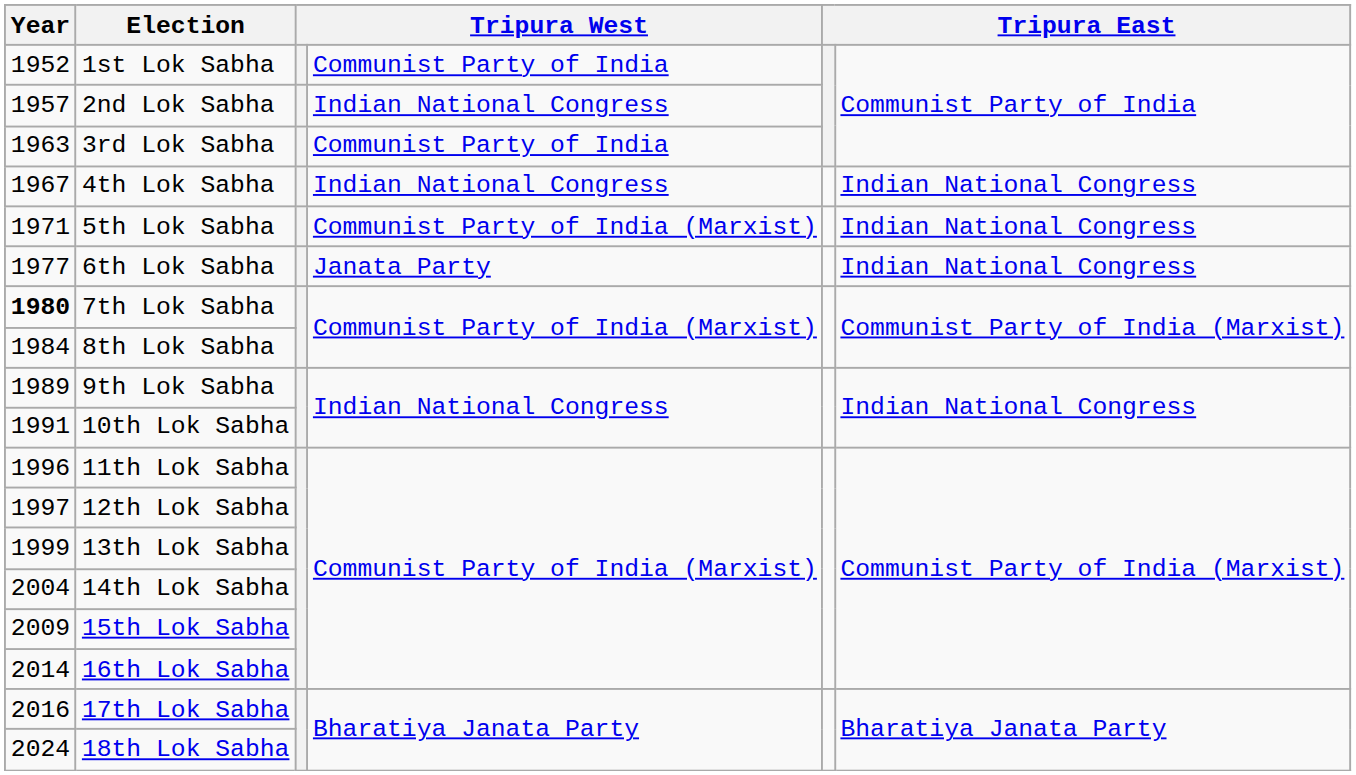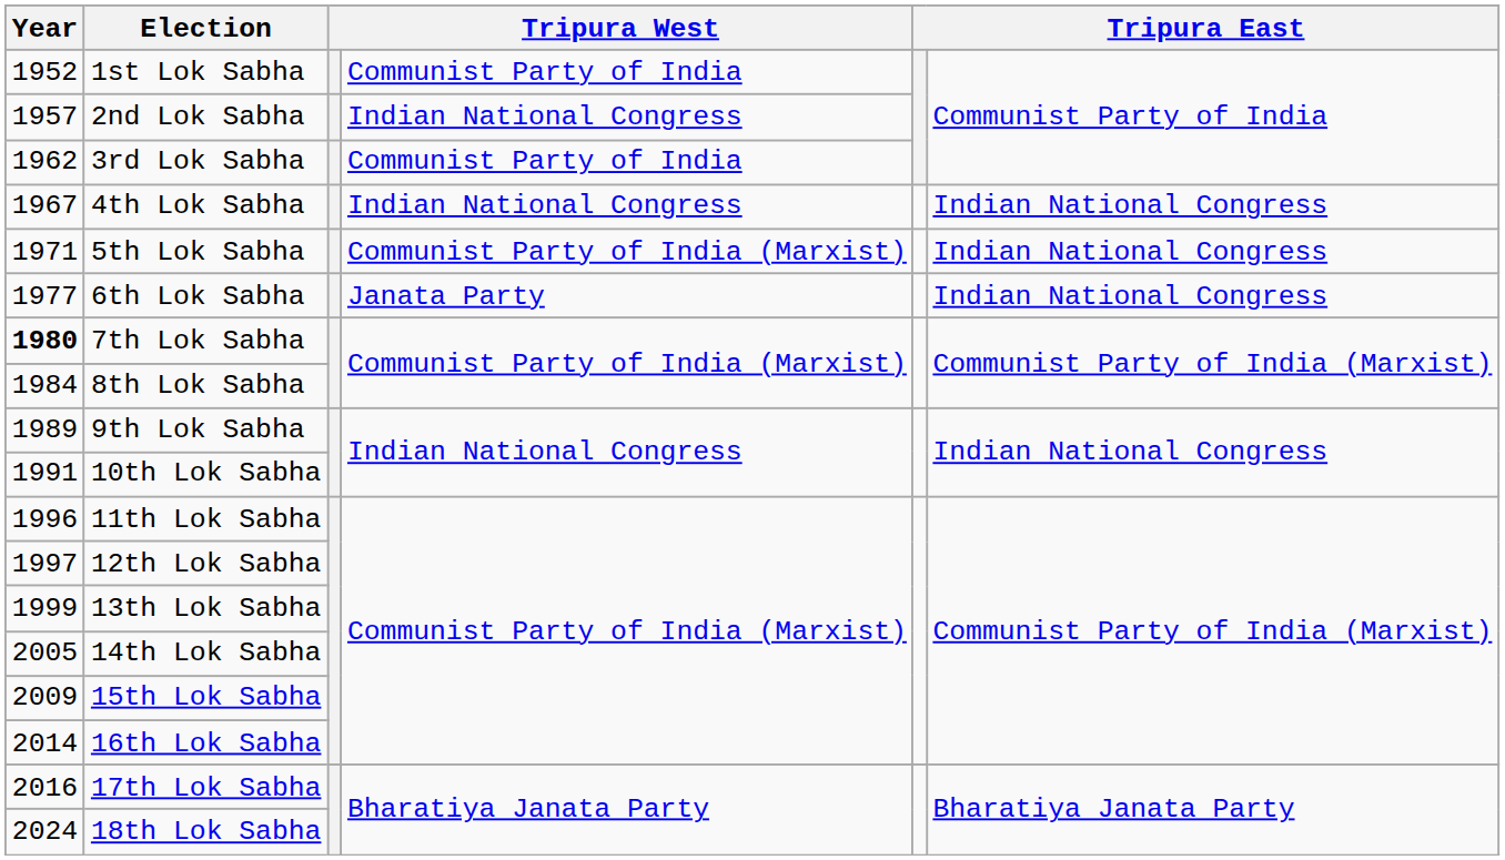 <table class="wikitable">
 <tr>
 <th>Year</th>
 <th> Election</th>
 <th colspan="2"><a href='#'>Tripura West</a></th>
 <th colspan="2"><a href='#'>Tripura East</a></th>
 </tr>
 <tr --->
 <td>1952</td>
 <td>1st Lok Sabha</td>
 <th style="background-color: "></th>
 <td><a href='#'>Communist Party of India</a></td>
 <th rowspan=3 style="background-color: "></th>
 <td rowspan=3><a href='#'>Communist Party of India</a></td>
 </tr>
 <tr --->
 <td>1957</td>
 <td>2nd Lok Sabha</td>
 <th style="background-color: "></th>
 <td><a href='#'>Indian National Congress</a></td>
 </tr>
 <tr --->
-<td>1963</td>
+<td>1962</td>
 <td>3rd Lok Sabha</td>
 <th style="background-color: "></th>
 <td><a href='#'>Communist Party of India</a></td>
 </tr>
 <tr --->
 <td>1967</td>
 <td>4th Lok Sabha</td>
 <th style="background-color: "></th>
 <td><a href='#'>Indian National Congress</a></td>
 <td style="background-color: "></td>
 <td><a href='#'>Indian National Congress</a></td>
 </tr>
 <tr --->
 <td>1971</td>
 <td>5th Lok Sabha</td>
 <th style="background-color: "></th>
 <td><a href='#'>Communist Party of India (Marxist)</a></td>
 <td style="background-color: "></td>
 <td><a href='#'>Indian National Congress</a></td>
 </tr>
 <tr --->
 <td>1977</td>
 <td>6th Lok Sabha</td>
 <th style="background-color: "></th>
 <td><a href='#'>Janata Party</a></td>
 <td style="background-color: "></td>
 <td><a href='#'>Indian National Congress</a></td>
 </tr>
 <tr --->
 <td><strong>1980</strong></td>
 <td>7th Lok Sabha</td>
 <th rowspan=2 style="background-color: "></th>
 <td rowspan=2><a href='#'>Communist Party of India (Marxist)</a></td>
 <td rowspan=2 style="background-color: "></td>
 <td rowspan=2><a href='#'>Communist Party of India (Marxist)</a></td>
 </tr>
 <tr --->
 <td>1984</td>
 <td>8th Lok Sabha</td>
 </tr>
 <tr --->
 <td>1989</td>
 <td>9th Lok Sabha</td>
 <th rowspan=2 style="background-color: "></th>
 <td rowspan=2><a href='#'>Indian National Congress</a></td>
 <td rowspan=2 style="background-color: "></td>
 <td rowspan=2><a href='#'>Indian National Congress</a></td>
 </tr>
 <tr --->
 <td>1991</td>
 <td>10th Lok Sabha</td>
 </tr>
 <tr --->
 <td>1996</td>
 <td>11th Lok Sabha</td>
 <th rowspan=6 style="background-color: "></th>
 <td rowspan=6><a href='#'>Communist Party of India (Marxist)</a></td>
 <td rowspan=6 style="background-color: "></td>
 <td rowspan=6><a href='#'>Communist Party of India (Marxist)</a></td>
 </tr>
 <tr --->
 <td>1997</td>
 <td>12th Lok Sabha</td>
 </tr>
 <tr --->
 <td>1999</td>
 <td>13th Lok Sabha</td>
 </tr>
 <tr --->
-<td>2004</td>
+<td>2005</td>
 <td>14th Lok Sabha</td>
 </tr>
 <tr --->
 <td>2009</td>
 <td><a href='#'>15th Lok Sabha</a></td>
 </tr>
 <tr --->
 <td>2014</td>
 <td><a href='#'>16th Lok Sabha</a></td>
 </tr>
 <tr --->
 <td>2016</td>
 <td><a href='#'>17th Lok Sabha</a></td>
 <th rowspan=2 style="background-color: "></th>
 <td rowspan=2><a href='#'>Bharatiya Janata Party</a></td>
 <td rowspan=2 style="background-color: "></td>
 <td rowspan=2><a href='#'>Bharatiya Janata Party</a></td>
 </tr>
 <tr --->
 <td>2024</td>
 <td><a href='#'>18th Lok Sabha</a></td>
 </tr>
 </table>
